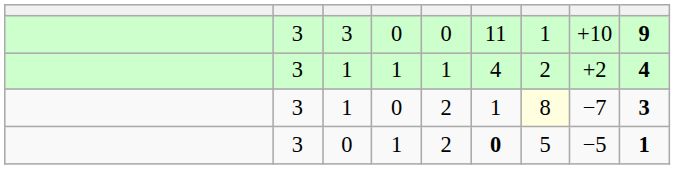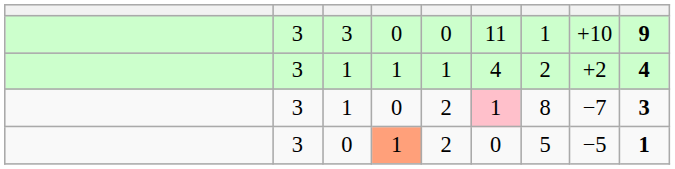 <table class="wikitable" style="text-align: center; font-size: 90%;">
 <tr>
 <th width=165></th>
 <th width=25></th>
 <th width=25></th>
 <th width=25></th>
 <th width=25></th>
 <th width=25></th>
 <th width=25></th>
 <th width=25></th>
 <th width=25></th>
 </tr>
 <tr style="background:#cfc;">
 <td style="text-align:left;"></td>
 <td>3</td>
 <td>3</td>
 <td>0</td>
 <td>0</td>
 <td>11</td>
 <td>1</td>
 <td>+10</td>
 <td><strong>9</strong></td>
 </tr>
 <tr style="background:#cfc;">
 <td style="text-align:left;"></td>
 <td>3</td>
 <td>1</td>
 <td>1</td>
 <td>1</td>
 <td>4</td>
 <td>2</td>
 <td>+2</td>
 <td><strong>4</strong></td>
 </tr>
 <tr>
 <td style="text-align:left;"></td>
 <td>3</td>
 <td>1</td>
 <td>0</td>
 <td>2</td>
-<td>1</td>
-<td style="background: lightyellow;">8</td>
+<td style="background: pink;">1</td>
+<td>8</td>
 <td>−7</td>
 <td><strong>3</strong></td>
 </tr>
 <tr>
 <td style="text-align:left;"></td>
 <td>3</td>
 <td>0</td>
-<td>1</td>
+<td style="background: lightsalmon;">1</td>
 <td>2</td>
-<td><strong>0</strong></td>
+<td>0</td>
 <td>5</td>
 <td>−5</td>
 <td><strong>1</strong></td>
 </tr>
 </table>
